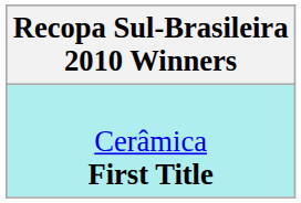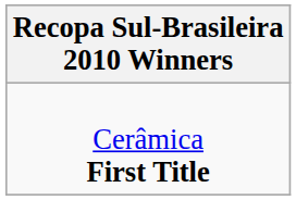 <table class="wikitable" style="text-align: center; margin: 0 auto;">
 <tr>
 <th>Recopa Sul-Brasileira<br>2010 Winners</th>
 </tr>
 <tr>
-<td style="background: paleturquoise;"><br> <a href='#'>Cerâmica</a><br><strong>First Title</strong></td>
+<td><br> <a href='#'>Cerâmica</a><br><strong>First Title</strong></td>
 </tr>
 </table>
